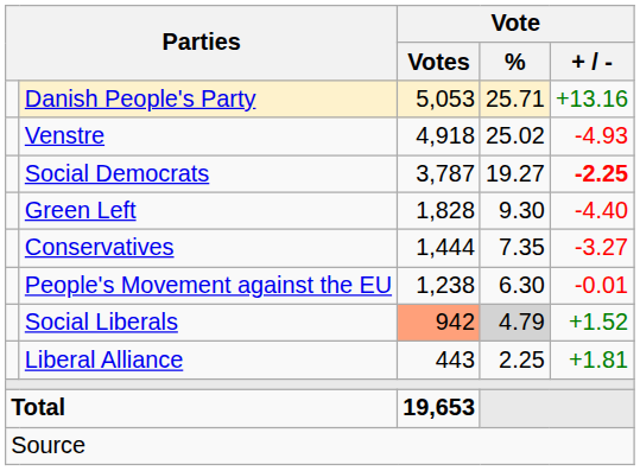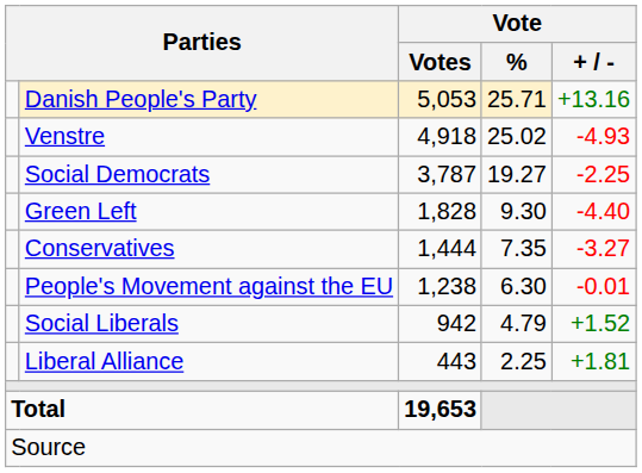 <table class="wikitable" style="text-align:right;">
 <tr>
 <th style="text-align:centre;" rowspan="2" colspan="2" width="225">Parties</th>
 <th colspan="3">Vote</th>
 </tr>
 <tr>
 <th width="15">Votes</th>
 <th width="15">%</th>
 <th width="15">+ / -</th>
 </tr>
 <tr>
 <td width="2" style="color:inherit;background:"></td>
 <td bgcolor=#fef2cc   align="left"><a href='#'>Danish People's Party</a></td>
 <td bgcolor=#fef2cc>5,053</td>
 <td bgcolor=#fef2cc>25.71</td>
 <td style=color:green;>+13.16</td>
 </tr>
 <tr>
 <td width="2" style="color:inherit;background:"></td>
 <td align="left"><a href='#'>Venstre</a></td>
 <td>4,918</td>
 <td>25.02</td>
 <td style=color:red;>-4.93</td>
 </tr>
 <tr>
 <td width="2" style="color:inherit;background:"></td>
 <td align="left"><a href='#'>Social Democrats</a></td>
 <td>3,787</td>
 <td>19.27</td>
-<td style=color:red;><strong>-2.25</strong></td>
+<td style=color:red;>-2.25</td>
 </tr>
 <tr>
 <td width="2" style="color:inherit;background:"></td>
 <td align="left"><a href='#'>Green Left</a></td>
 <td>1,828</td>
 <td>9.30</td>
 <td style=color:red;>-4.40</td>
 </tr>
 <tr>
 <td width="2" style="color:inherit;background:"></td>
 <td align="left"><a href='#'>Conservatives</a></td>
 <td>1,444</td>
 <td>7.35</td>
 <td style=color:red;>-3.27</td>
 </tr>
 <tr>
 <td width="2" style="color:inherit;background:"></td>
 <td align="left"><a href='#'>People's Movement against the EU</a></td>
 <td>1,238</td>
 <td>6.30</td>
 <td style=color:red;>-0.01</td>
 </tr>
 <tr>
 <td width="2" style="color:inherit;background:"></td>
 <td align="left"><a href='#'>Social Liberals</a></td>
-<td style="background: lightsalmon;">942</td>
-<td style="background: lightgrey;">4.79</td>
+<td>942</td>
+<td>4.79</td>
 <td style=color:green;>+1.52</td>
 </tr>
 <tr>
 <td width="2" style="color:inherit;background:"></td>
 <td align="left"><a href='#'>Liberal Alliance</a></td>
 <td>443</td>
 <td>2.25</td>
 <td style=color:green;>+1.81</td>
 </tr>
 <tr>
 <td colspan="7" bgcolor="#E9E9E9"></td>
 </tr>
 <tr>
 <td align="left" colspan="2"><strong>Total</strong></td>
 <td><strong>19,653</strong></td>
 <td bgcolor="#E9E9E9" colspan="2"></td>
 </tr>
 <tr>
 <td align="left" colspan="6">Source</td>
 </tr>
 </table>
